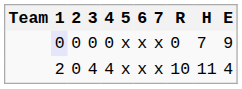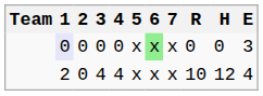 <table class="wikitable">
 <tr>
 <th style="border-style: none none none none;">Team</th>
 <th style="border-style: none none none none;">1</th>
 <th style="border-style: none none none none;">2</th>
 <th style="border-style: none none none none;">3</th>
 <th style="border-style: none none none none;">4</th>
 <th style="border-style: none none none none;">5</th>
 <th style="border-style: none none none none;">6</th>
 <th style="border-style: none none none none;">7</th>
 <th style="border-style: none none none none;">R</th>
 <th style="border-style: none none none none;">H</th>
 <th style="border-style: none none none none;">E</th>
 </tr>
 <tr>
 <td style="border-style: none none none none;"></td>
 <td style="background: lavender; border-style: none none none none;">0</td>
 <td style="border-style: none none none none;">0</td>
 <td style="border-style: none none none none;">0</td>
 <td style="border-style: none none none none;">0</td>
 <td style="border-style: none none none none;">x</td>
-<td style="border-style: none none none none;">x</td>
+<td style="background: lightgreen; border-style: none none none none;">x</td>
 <td style="border-style: none none none none;">x</td>
 <td style="border-style: none none none none;">0</td>
-<td style="border-style: none none none none;">7</td>
-<td style="border-style: none none none none;">9</td>
+<td style="border-style: none none none none;">0</td>
+<td style="border-style: none none none none;">3</td>
 </tr>
 <tr>
 <td style="border-style: none none none none;"></td>
 <td style="border-style: none none none none;">2</td>
 <td style="border-style: none none none none;">0</td>
 <td style="border-style: none none none none;">4</td>
 <td style="border-style: none none none none;">4</td>
 <td style="border-style: none none none none;">x</td>
 <td style="border-style: none none none none;">x</td>
 <td style="border-style: none none none none;">x</td>
 <td style="border-style: none none none none;">10</td>
-<td style="border-style: none none none none;">11</td>
+<td style="border-style: none none none none;">12</td>
 <td style="border-style: none none none none;">4</td>
 </tr>
 </table>
